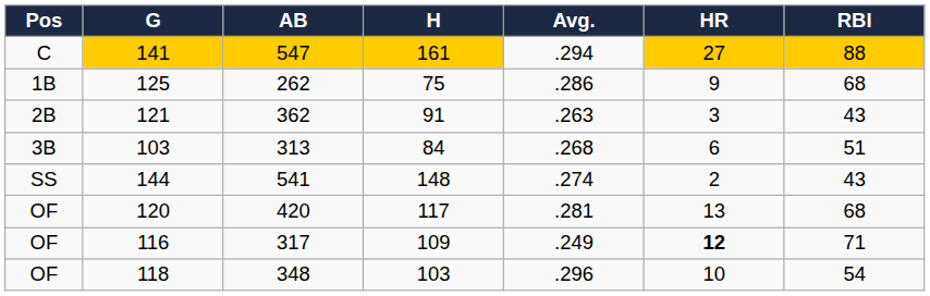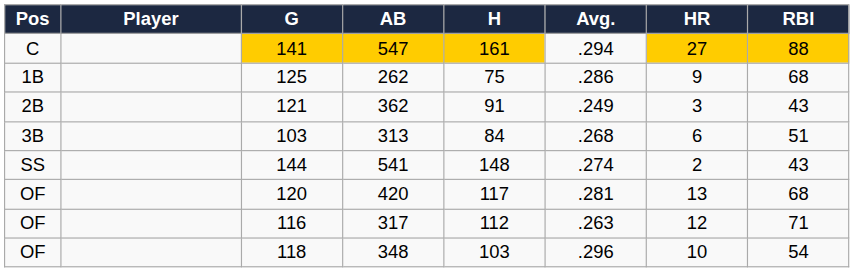 <table class="wikitable sortable" style="text-align:center;">
 <tr>
 <th style="background:#1c2841;color:white;" width="5%">Pos</th>
+<th style="background:#1c2841;color:white;" width="16%">Player</th>
 <th style="background:#1c2841;color:white;" width="9%">G</th>
 <th style="background:#1c2841;color:white;" width="9%">AB</th>
 <th style="background:#1c2841;color:white;" width="9%">H</th>
 <th style="background:#1c2841;color:white;" width="9%">Avg.</th>
 <th style="background:#1c2841;color:white;" width="9%">HR</th>
 <th style="background:#1c2841;color:white;" width="9%">RBI</th>
 </tr>
 <tr align="center">
 <td>C</td>
+<td></td>
 <td style="background:#fc0;">141</td>
 <td style="background:#fc0;">547</td>
 <td style="background:#fc0;">161</td>
 <td>.294</td>
 <td style="background:#fc0;">27</td>
 <td style="background:#fc0;">88</td>
 </tr>
 <tr align="center">
 <td>1B</td>
+<td></td>
 <td>125</td>
 <td>262</td>
 <td>75</td>
 <td>.286</td>
 <td>9</td>
 <td>68</td>
 </tr>
 <tr align="center">
 <td>2B</td>
+<td></td>
 <td>121</td>
 <td>362</td>
 <td>91</td>
-<td>.263</td>
+<td>.249</td>
 <td>3</td>
 <td>43</td>
 </tr>
 <tr align="center">
 <td>3B</td>
+<td></td>
 <td>103</td>
 <td>313</td>
 <td>84</td>
 <td>.268</td>
 <td>6</td>
 <td>51</td>
 </tr>
 <tr align="center">
 <td>SS</td>
+<td></td>
 <td>144</td>
 <td>541</td>
 <td>148</td>
 <td>.274</td>
 <td>2</td>
 <td>43</td>
 </tr>
 <tr align="center">
 <td>OF</td>
+<td></td>
 <td>120</td>
 <td>420</td>
 <td>117</td>
 <td>.281</td>
 <td>13</td>
 <td>68</td>
 </tr>
 <tr align="center">
 <td>OF</td>
+<td></td>
 <td>116</td>
 <td>317</td>
-<td>109</td>
-<td>.249</td>
-<td><strong>12</strong></td>
+<td>112</td>
+<td>.263</td>
+<td>12</td>
 <td>71</td>
 </tr>
 <tr align="center">
 <td>OF</td>
+<td></td>
 <td>118</td>
 <td>348</td>
 <td>103</td>
 <td>.296</td>
 <td>10</td>
 <td>54</td>
 </tr>
 </table>
